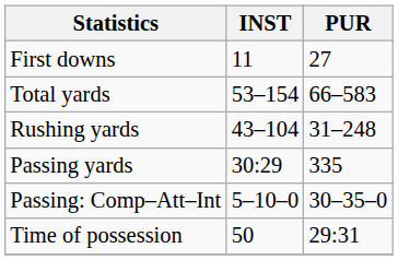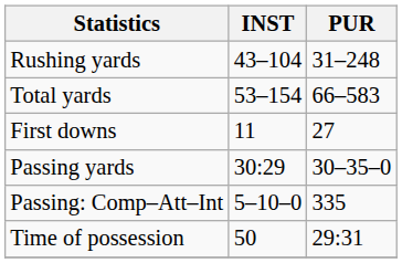 <table class="wikitable" style="float: left;">
 <tr>
 <th>Statistics</th>
 <th>INST</th>
 <th>PUR</th>
 </tr>
 <tr>
-<td>First downs</td>
-<td>11</td>
-<td>27</td>
+<td>Rushing yards</td>
+<td>43–104</td>
+<td>31–248</td>
 </tr>
 <tr>
 <td>Total yards</td>
 <td>53–154</td>
 <td>66–583</td>
 </tr>
 <tr>
-<td>Rushing yards</td>
-<td>43–104</td>
-<td>31–248</td>
+<td>First downs</td>
+<td>11</td>
+<td>27</td>
 </tr>
 <tr>
 <td>Passing yards</td>
 <td>30:29</td>
-<td>335</td>
+<td>30–35–0</td>
 </tr>
 <tr>
 <td>Passing: Comp–Att–Int</td>
 <td>5–10–0</td>
-<td>30–35–0</td>
+<td>335</td>
 </tr>
 <tr>
 <td>Time of possession</td>
 <td>50</td>
 <td>29:31</td>
 </tr>
 <tr>
 </tr>
 </table>
